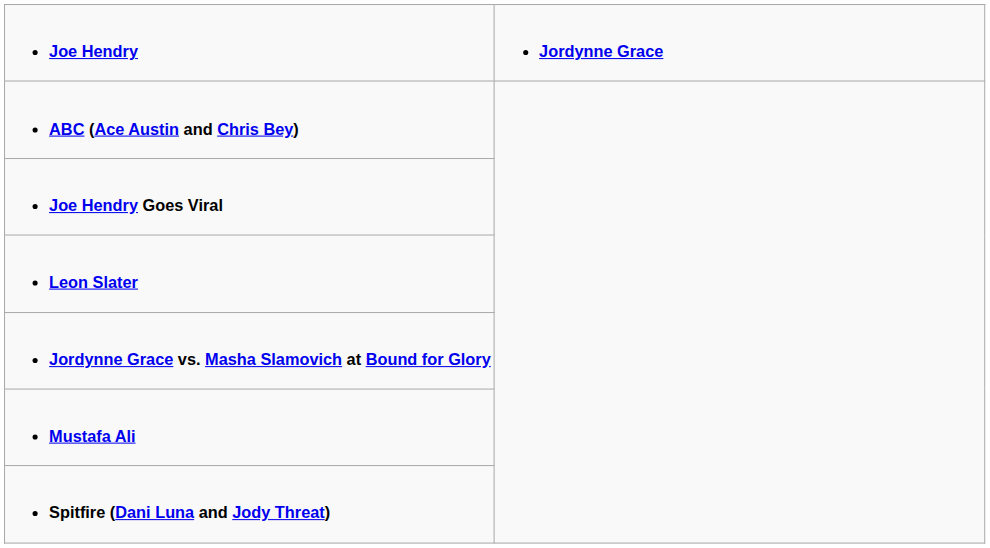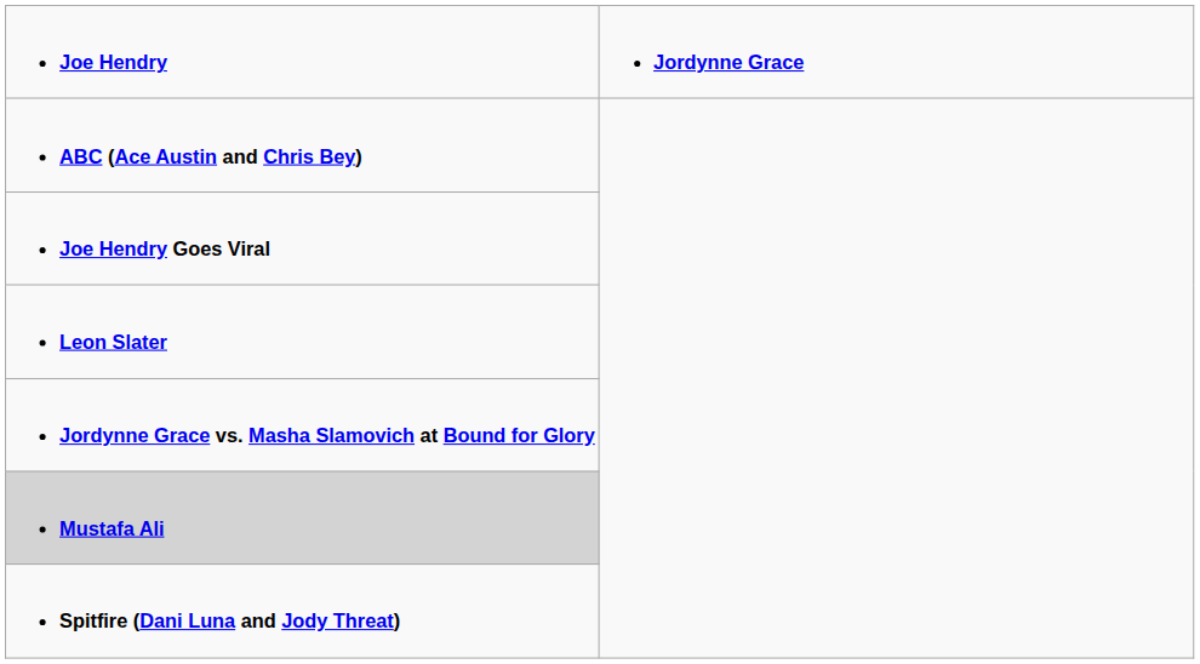 <table class="wikitable">
 <tr>
 <td style="vertical-align:top;" width="50%"><br><ul><li><strong><a href='#'>Joe Hendry</a></strong></li></ul></td>
 <td style="vertical-align:top;" width="50%"><br><ul><li><strong><a href='#'>Jordynne Grace</a></strong></li></ul></td>
 </tr>
 <tr>
 <td style="vertical-align:top;" width="50%"><br><ul><li><strong><a href='#'>ABC</a> (<a href='#'>Ace Austin</a> and <a href='#'>Chris Bey</a>)</strong></li></ul></td>
 </tr>
 <tr>
 <td style="vertical-align:top;" width="50%"><br><ul><li><strong><a href='#'>Joe Hendry</a> Goes Viral</strong></li></ul></td>
 </tr>
 <tr>
 <td style="vertical-align:top;" width="50%"><br><ul><li><strong><a href='#'>Leon Slater</a></strong></li></ul></td>
 </tr>
 <tr>
 <td style="vertical-align:top;" width="50%"><br><ul><li><strong><a href='#'>Jordynne Grace</a> vs. <a href='#'>Masha Slamovich</a> at <a href='#'>Bound for Glory</a></strong></li></ul></td>
 </tr>
 <tr>
-<td style="vertical-align:top;" width="50%"><br><ul><li><strong><a href='#'>Mustafa Ali</a></strong></li></ul></td>
+<td style="background: lightgrey; vertical-align:top;" width="50%"><br><ul><li><strong><a href='#'>Mustafa Ali</a></strong></li></ul></td>
 </tr>
 <tr>
 <td style="vertical-align:top;" width="50%"><br><ul><li><strong>Spitfire (<a href='#'>Dani Luna</a> and <a href='#'>Jody Threat</a>)</strong></li></ul></td>
 </tr>
 </table>
